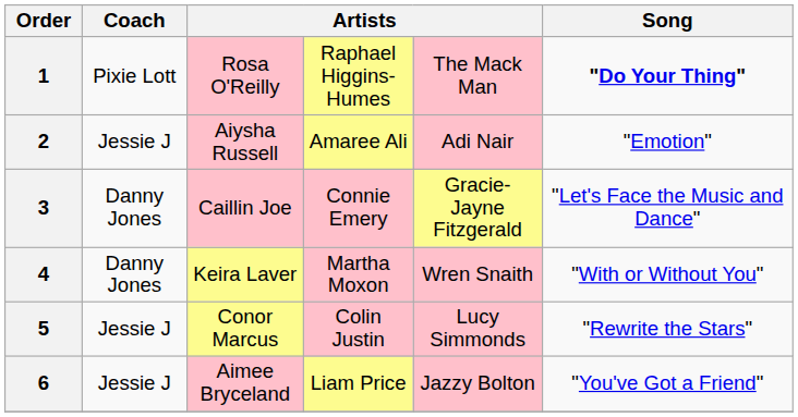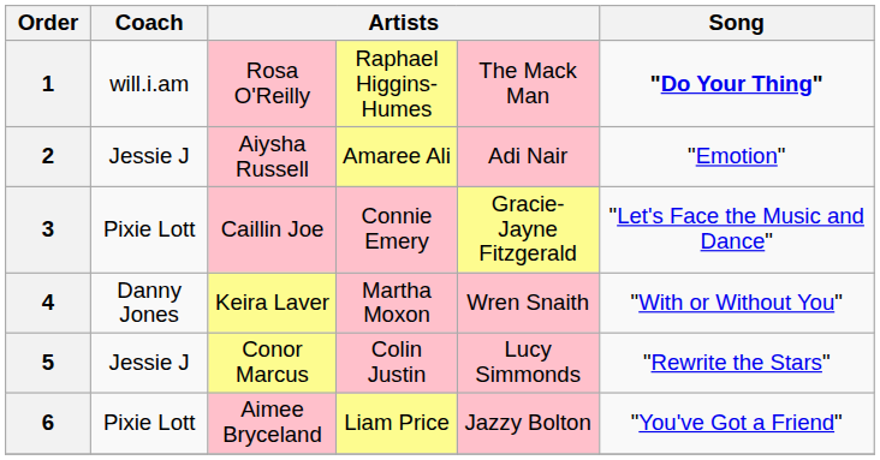 <table class="wikitable" style="text-align:center; width:100%;”">
 <tr>
 <th style="width:05%;">Order</th>
 <th style="width:10%;">Coach</th>
 <th style="width:26%;" colspan="3">Artists</th>
 <th style="width:24%;">Song</th>
 </tr>
 <tr>
 <th scope="col">1</th>
-<td>Pixie Lott</td>
+<td>will.i.am</td>
 <td style="background:pink;text-align:center;">Rosa O'Reilly</td>
 <td style="background:#fdfc8f;text-align:center;">Raphael Higgins-Humes</td>
 <td style="background:pink;text-align:center;">The Mack Man</td>
 <td><strong>"<a href='#'>Do Your Thing</a>"</strong></td>
 </tr>
 <tr>
 <th scope="col">2</th>
 <td>Jessie J</td>
 <td style="background:pink;text-align:center;">Aiysha Russell</td>
 <td style="background:#fdfc8f;text-align:center;">Amaree Ali</td>
 <td style="background:pink;text-align:center;">Adi Nair</td>
 <td>"<a href='#'>Emotion</a>"</td>
 </tr>
 <tr>
 <th scope="col">3</th>
-<td>Danny Jones</td>
+<td>Pixie Lott</td>
 <td style="background:pink;text-align:center;">Caillin Joe</td>
 <td style="background:pink;text-align:center;">Connie Emery</td>
 <td style="background:#fdfc8f;text-align:center;">Gracie-Jayne Fitzgerald</td>
 <td>"<a href='#'>Let's Face the Music and Dance</a>"</td>
 </tr>
 <tr>
 <th scope="col">4</th>
 <td>Danny Jones</td>
 <td style="background:#fdfc8f;text-align:center;">Keira Laver</td>
 <td style="background:pink;text-align:center;">Martha Moxon</td>
 <td style="background:pink;text-align:center;">Wren Snaith</td>
 <td>"<a href='#'>With or Without You</a>"</td>
 </tr>
 <tr>
 <th scope="col">5</th>
 <td>Jessie J</td>
 <td style="background:#fdfc8f;text-align:center;">Conor Marcus</td>
 <td style="background:pink;text-align:center;">Colin Justin</td>
 <td style="background:pink;text-align:center;">Lucy Simmonds</td>
 <td>"<a href='#'>Rewrite the Stars</a>"</td>
 </tr>
 <tr>
 <th scope="col">6</th>
-<td>Jessie J</td>
+<td>Pixie Lott</td>
 <td style="background:pink;text-align:center;">Aimee Bryceland</td>
 <td style="background:#fdfc8f;text-align:center;">Liam Price</td>
 <td style="background:pink;text-align:center;">Jazzy Bolton</td>
 <td>"<a href='#'>You've Got a Friend</a>"</td>
 </tr>
 <tr>
 </tr>
 </table>
